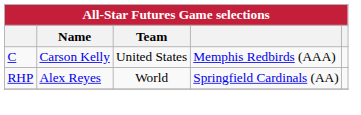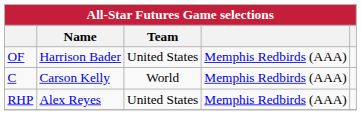 <table class="wikitable" style="text-align:left">
 <tr>
 <th colspan="5" style="background:#C41E3A; color:white;">All-Star Futures Game selections</th>
 </tr>
 <tr>
 <th></th>
 <th>Name</th>
 <th>Team</th>
 <th></th>
 <th></th>
 </tr>
 <tr>
+<td><a href='#'>OF</a></td>
+<td><a href='#'>Harrison Bader</a></td>
+<td style="text-align:center;">United States</td>
+<td><a href='#'>Memphis Redbirds</a> (AAA)</td>
+<td></td>
+</tr>
+<tr>
 <td><a href='#'>C</a></td>
 <td><a href='#'>Carson Kelly</a></td>
-<td style="text-align:center;">United States</td>
+<td style="text-align:center;">World</td>
 <td><a href='#'>Memphis Redbirds</a> (AAA)</td>
 <td></td>
 </tr>
 <tr>
 <td><a href='#'>RHP</a></td>
 <td><a href='#'>Alex Reyes</a></td>
-<td style="text-align:center;">World</td>
-<td><a href='#'>Springfield Cardinals</a> (AA)</td>
+<td style="text-align:center;">United States</td>
+<td><a href='#'>Memphis Redbirds</a> (AAA)</td>
 <td></td>
 </tr>
 <tr>
 </tr>
 </table>
